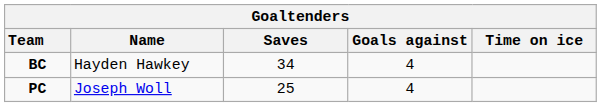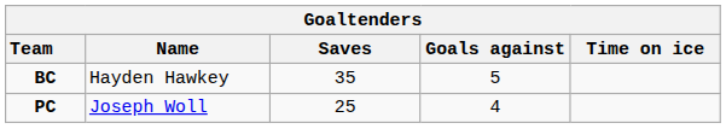 <table class="wikitable" style="width:40em; text-align:right;">
 <tr>
 <th colspan=5>Goaltenders</th>
 </tr>
 <tr>
 <th style="width:4em; text-align:left;">Team</th>
 <th style="width:10em;">Name</th>
 <th style="width:8em;">Saves</th>
 <th style="width:8em;">Goals against</th>
 <th style="width:8em;">Time on ice</th>
 </tr>
 <tr>
 <td align=center><strong>BC</strong></td>
 <td style="text-align:left;">Hayden Hawkey</td>
-<td align=center>34</td>
-<td align=center>4</td>
+<td align=center>35</td>
+<td align=center>5</td>
 <td align=center></td>
 </tr>
 <tr>
 <td align=center><strong>PC</strong></td>
 <td style="text-align:left;"><a href='#'>Joseph Woll</a></td>
 <td align=center>25</td>
 <td align=center>4</td>
 <td align=center></td>
 </tr>
 </table>
